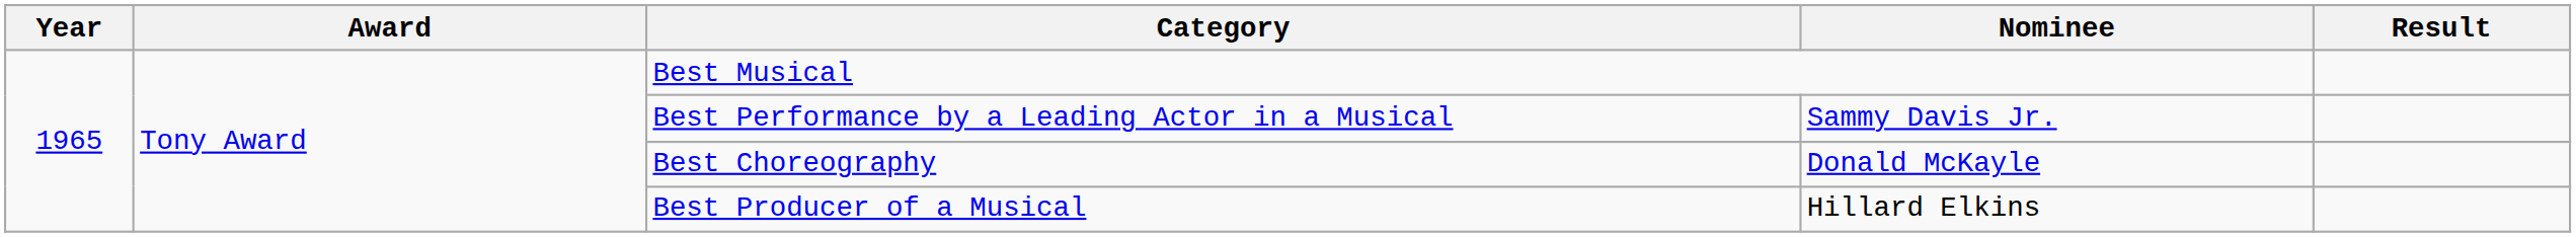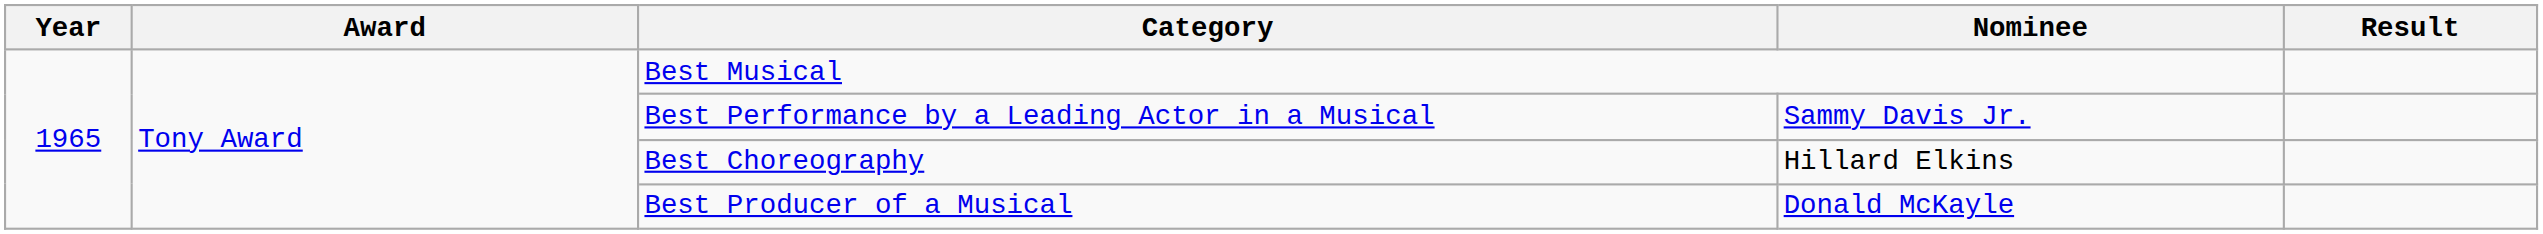 <table class="wikitable" width="95%">
 <tr>
 <th width="5%">Year</th>
 <th width="20%">Award</th>
 <th width="45%">Category</th>
 <th width="20%">Nominee</th>
 <th width="10%">Result</th>
 </tr>
 <tr>
 <td rowspan="4" align="center"><a href='#'>1965</a></td>
 <td rowspan="4"><a href='#'>Tony Award</a></td>
 <td colspan="2"><a href='#'>Best Musical</a></td>
 <td></td>
 </tr>
 <tr>
 <td><a href='#'>Best Performance by a Leading Actor in a Musical</a></td>
 <td><a href='#'>Sammy Davis Jr.</a></td>
 <td></td>
 </tr>
 <tr>
 <td><a href='#'>Best Choreography</a></td>
-<td><a href='#'>Donald McKayle</a></td>
+<td>Hillard Elkins</td>
 <td></td>
 </tr>
 <tr>
 <td><a href='#'>Best Producer of a Musical</a></td>
-<td>Hillard Elkins</td>
+<td><a href='#'>Donald McKayle</a></td>
 <td></td>
 </tr>
 </table>
